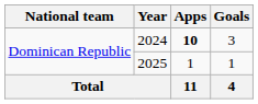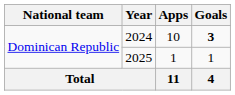 <table class="wikitable" style="text-align: center;">
 <tr>
 <th>National team</th>
 <th>Year</th>
 <th>Apps</th>
 <th>Goals</th>
 </tr>
 <tr>
 <td rowspan="2"><a href='#'>Dominican Republic</a></td>
 <td>2024</td>
-<td><strong>10</strong></td>
-<td>3</td>
+<td>10</td>
+<td><strong>3</strong></td>
 </tr>
 <tr>
 <td>2025</td>
 <td>1</td>
 <td>1</td>
 </tr>
 <tr>
 <th colspan="2">Total</th>
 <th>11</th>
 <th>4</th>
 </tr>
 </table>
